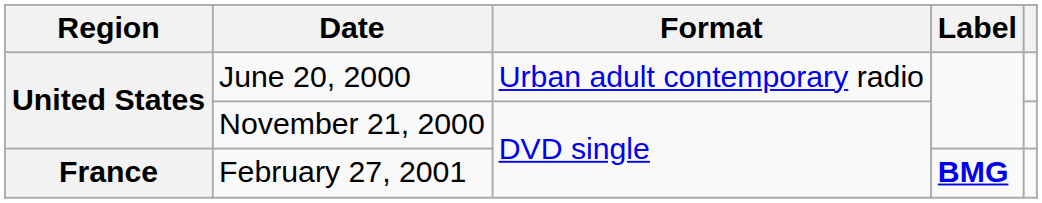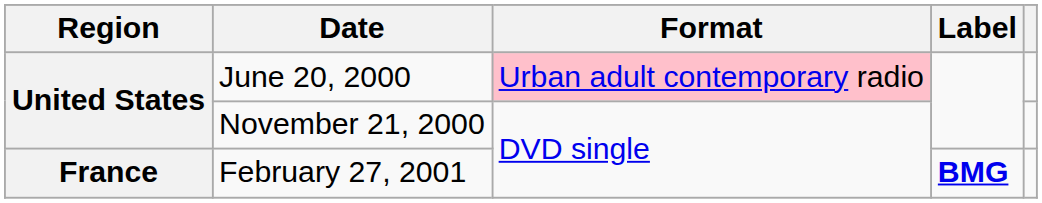 <table class="wikitable plainrowheaders">
 <tr>
 <th scope="col">Region</th>
 <th scope="col">Date</th>
 <th scope="col">Format</th>
 <th scope="col">Label</th>
 <th scope="col"></th>
 </tr>
 <tr>
 <th scope="row" rowspan="2">United States</th>
 <td>June 20, 2000</td>
-<td><a href='#'>Urban adult contemporary</a> radio</td>
+<td style="background: pink;"><a href='#'>Urban adult contemporary</a> radio</td>
 <td rowspan="2"></td>
 <td align="center"></td>
 </tr>
 <tr>
 <td>November 21, 2000</td>
 <td rowspan="2"><a href='#'>DVD single</a></td>
 <td align="center"></td>
 </tr>
 <tr>
 <th scope="row">France</th>
 <td>February 27, 2001</td>
 <td><strong><a href='#'>BMG</a></strong></td>
 <td align="center"></td>
 </tr>
 </table>
